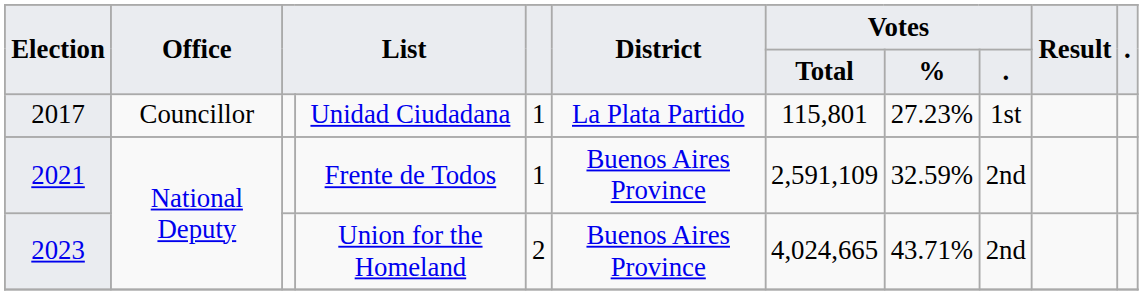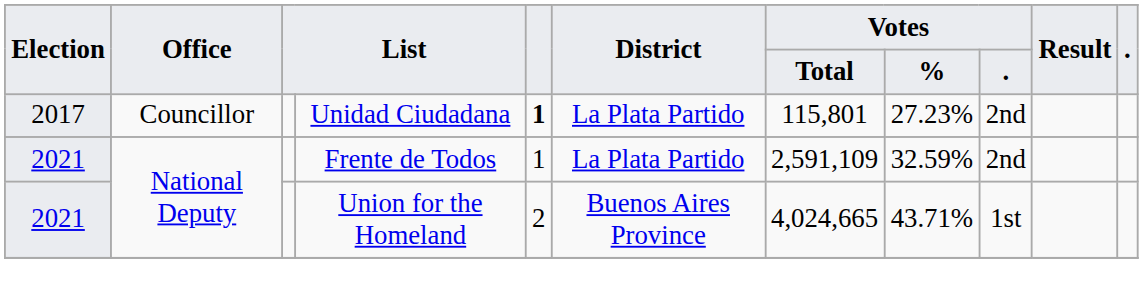 <table class="wikitable" style="font-size:90%; text-align:center;">
 <tr>
 <th style="background-color:#EAECF0;" rowspan=2>Election</th>
 <th style="background-color:#EAECF0;" rowspan=2>Office</th>
 <th style="background-color:#EAECF0;" colspan=2 rowspan=2>List</th>
 <th style="background-color:#EAECF0;" rowspan=2></th>
 <th style="background-color:#EAECF0;" rowspan=2>District</th>
 <th style="background-color:#EAECF0;" colspan=3>Votes</th>
 <th style="background-color:#EAECF0;" rowspan=2>Result</th>
 <th style="background-color:#EAECF0;" rowspan=2>.</th>
 </tr>
 <tr>
 <th style="background-color:#EAECF0;">Total</th>
 <th style="background-color:#EAECF0;">%</th>
 <th style="background-color:#EAECF0;">.</th>
 </tr>
 <tr>
 <td style="background-color:#EAECF0;">2017</td>
 <td>Councillor</td>
 <td style="background-color:"></td>
 <td><a href='#'>Unidad Ciudadana</a></td>
-<td>1</td>
+<td><strong>1</strong></td>
 <td><a href='#'>La Plata Partido</a></td>
 <td>115,801</td>
 <td>27.23%</td>
-<td>1st</td>
+<td>2nd</td>
 <td></td>
 <td></td>
 </tr>
 <tr>
 <td style="background-color:#EAECF0;"><a href='#'>2021</a></td>
 <td rowspan="2"><a href='#'>National Deputy</a></td>
 <td style="background-color:"></td>
 <td><a href='#'>Frente de Todos</a></td>
 <td>1</td>
-<td><a href='#'>Buenos Aires Province</a></td>
+<td><a href='#'>La Plata Partido</a></td>
 <td>2,591,109</td>
 <td>32.59%</td>
 <td>2nd</td>
 <td></td>
 <td></td>
 </tr>
 <tr>
-<td style="background-color:#EAECF0;"><a href='#'>2023</a></td>
+<td style="background-color:#EAECF0;"><a href='#'>2021</a></td>
 <td style="background-color:"></td>
 <td><a href='#'>Union for the Homeland</a></td>
 <td>2</td>
 <td><a href='#'>Buenos Aires Province</a></td>
 <td>4,024,665</td>
 <td>43.71%</td>
-<td>2nd</td>
+<td>1st</td>
 <td></td>
 <td></td>
 </tr>
 <tr>
 </tr>
 </table>
